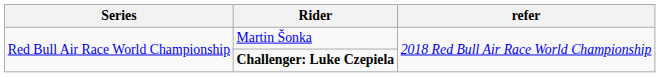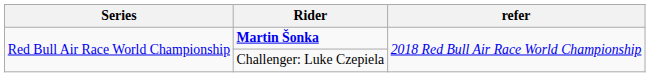 <table class="wikitable" style="font-size:87%">
 <tr>
 <th>Series</th>
 <th>Rider</th>
 <th>refer</th>
 </tr>
 <tr>
 <td rowspan="2"><a href='#'>Red Bull Air Race World Championship</a></td>
-<td> <a href='#'>Martin Šonka</a></td>
+<td><strong> <a href='#'>Martin Šonka</a></strong></td>
 <td rowspan="2"><em><a href='#'>2018 Red Bull Air Race World Championship</a></em></td>
 </tr>
 <tr>
-<td><strong>Challenger:  Luke Czepiela</strong></td>
+<td>Challenger:  Luke Czepiela</td>
 </tr>
 </table>
